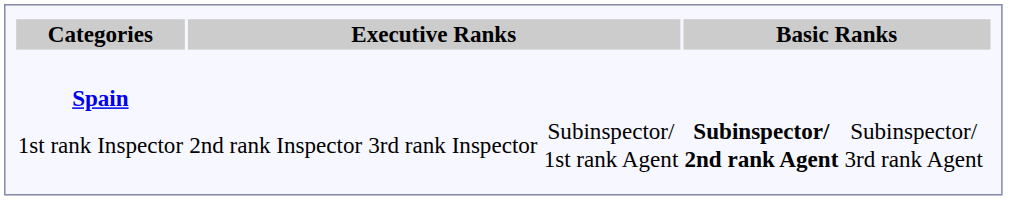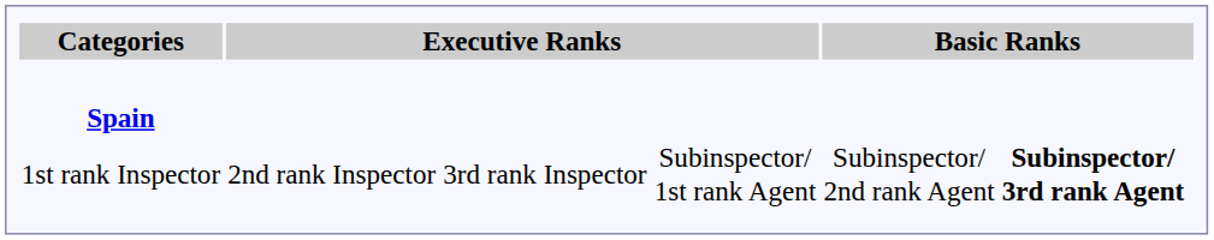 <table style="border:1px solid #8888aa; background-color:#f7f8ff; padding:5px; font-size:95%; margin:0px 12px 12px 0px;">
 <tr>
 </tr>
 <tr bgcolor="#CCCCCC">
 <th><strong>Categories</strong></th>
 <th colspan=3>Executive Ranks</th>
 <th colspan=3>Basic Ranks</th>
 </tr>
 <tr>
 </tr>
 <tr>
 <td align="center" rowspan=2><strong><br><a href='#'>Spain</a></strong></td>
 <td align="center" colspan=1></td>
 <td align="center" colspan=1></td>
 <td align="center" colspan=1></td>
 <td align="center" colspan=1></td>
 <td align="center" colspan=1></td>
 <td align="center" colspan=1></td>
 </tr>
 <tr rowspan="2">
 </tr>
 <tr align="center">
 <td align="center" colspan=1>1st rank Inspector</td>
 <td align="center" colspan=1>2nd rank Inspector</td>
 <td align="center" colspan=1>3rd rank Inspector</td>
 <td align="center" colspan=1>Subinspector/<br>1st rank Agent</td>
-<td align="center" colspan=1><strong>Subinspector/<br>2nd rank Agent</strong></td>
-<td align="center" colspan=1>Subinspector/<br>3rd rank Agent</td>
+<td align="center" colspan=1>Subinspector/<br>2nd rank Agent</td>
+<td align="center" colspan=1><strong>Subinspector/<br>3rd rank Agent</strong></td>
 </tr>
 <tr>
 <td colspan=10></td>
 </tr>
 <tr>
 </tr>
 </table>
